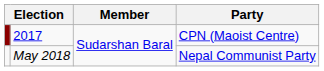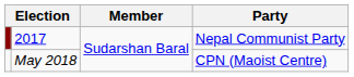 <table class="wikitable">
 <tr>
 <th colspan="2">Election</th>
 <th>Member</th>
 <th>Party</th>
 </tr>
 <tr>
 <td style="background-color:darkred"></td>
 <td><a href='#'>2017</a></td>
 <td rowspan="2"><a href='#'>Sudarshan Baral</a></td>
-<td><a href='#'>CPN (Maoist Centre)</a></td>
+<td><a href='#'>Nepal Communist Party</a></td>
 </tr>
 <tr>
 <td style="background-color:"></td>
 <td><em>May 2018</em></td>
-<td><a href='#'>Nepal Communist Party</a></td>
+<td><a href='#'>CPN (Maoist Centre)</a></td>
 </tr>
 </table>
